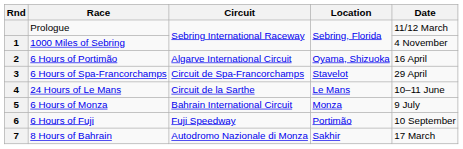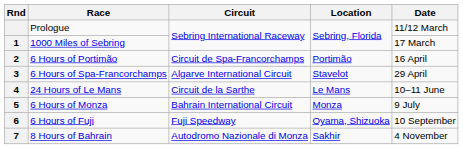 <table class="wikitable" style="font-size: 90%;">
 <tr>
 <th>Rnd</th>
 <th>Race</th>
 <th>Circuit</th>
 <th>Location</th>
 <th>Date</th>
 </tr>
 <tr>
 <th></th>
 <td>Prologue</td>
 <td rowspan="2"><a href='#'>Sebring International Raceway</a></td>
 <td rowspan="2"> <a href='#'>Sebring, Florida</a></td>
 <td>11/12 March</td>
 </tr>
 <tr>
 <th>1</th>
 <td><a href='#'>1000 Miles of Sebring</a></td>
-<td>4 November</td>
+<td>17 March</td>
 </tr>
 <tr>
 <th>2</th>
 <td><a href='#'>6 Hours of Portimão</a></td>
-<td><a href='#'>Algarve International Circuit</a></td>
-<td> <a href='#'>Oyama, Shizuoka</a></td>
+<td><a href='#'>Circuit de Spa-Francorchamps</a></td>
+<td> <a href='#'>Portimão</a></td>
 <td>16 April</td>
 </tr>
 <tr>
 <th>3</th>
 <td><a href='#'>6 Hours of Spa-Francorchamps</a></td>
-<td><a href='#'>Circuit de Spa-Francorchamps</a></td>
+<td><a href='#'>Algarve International Circuit</a></td>
 <td> <a href='#'>Stavelot</a></td>
 <td>29 April</td>
 </tr>
 <tr>
 <th>4</th>
 <td><a href='#'>24 Hours of Le Mans</a></td>
 <td><a href='#'>Circuit de la Sarthe</a></td>
 <td> <a href='#'>Le Mans</a></td>
 <td>10–11 June</td>
 </tr>
 <tr>
 <th>5</th>
 <td><a href='#'>6 Hours of Monza</a></td>
 <td><a href='#'>Bahrain International Circuit</a></td>
 <td> <a href='#'>Monza</a></td>
 <td>9 July</td>
 </tr>
 <tr>
 <th>6</th>
 <td><a href='#'>6 Hours of Fuji</a></td>
 <td><a href='#'>Fuji Speedway</a></td>
-<td> <a href='#'>Portimão</a></td>
+<td> <a href='#'>Oyama, Shizuoka</a></td>
 <td>10 September</td>
 </tr>
 <tr>
 <th>7</th>
 <td><a href='#'>8 Hours of Bahrain</a></td>
 <td><a href='#'>Autodromo Nazionale di Monza</a></td>
 <td> <a href='#'>Sakhir</a></td>
-<td>17 March</td>
+<td>4 November</td>
 </tr>
 </table>
